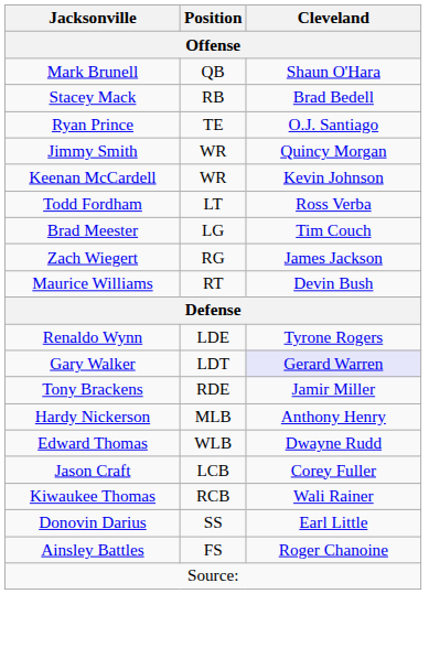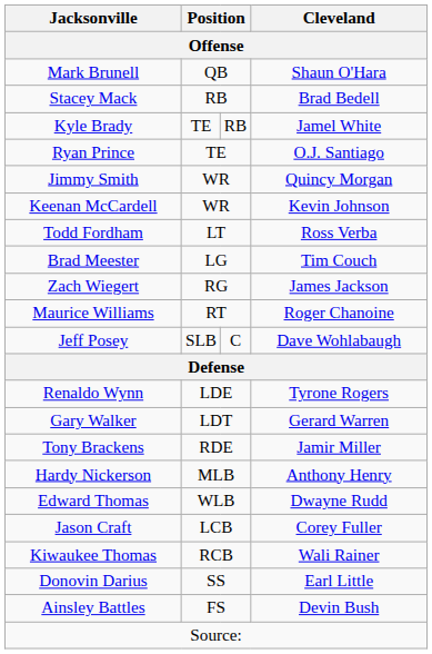 <table class="wikitable" style="text-align:center">
 <tr>
 <th style="width:160px">Jacksonville</th>
 <th colspan="2">Position</th>
 <th style="width:160px">Cleveland</th>
 </tr>
 <tr>
 <th colspan="4" style="text-align:center">Offense</th>
 </tr>
 <tr>
 <td><a href='#'>Mark Brunell</a></td>
 <td colspan="2" style="text-align:center">QB</td>
 <td><a href='#'>Shaun O'Hara</a></td>
 </tr>
 <tr>
 <td><a href='#'>Stacey Mack</a></td>
 <td colspan="2" style="text-align:center">RB</td>
 <td><a href='#'>Brad Bedell</a></td>
+</tr>
+<tr>
+<td><a href='#'>Kyle Brady</a></td>
+<td style="text-align:center">TE</td>
+<td style="text-align:center">RB</td>
+<td><a href='#'>Jamel White</a></td>
 </tr>
 <tr>
 <td><a href='#'>Ryan Prince</a></td>
 <td colspan="2" style="text-align:center">TE</td>
 <td><a href='#'>O.J. Santiago</a></td>
 </tr>
 <tr>
 <td><a href='#'>Jimmy Smith</a></td>
 <td colspan="2" style="text-align:center">WR</td>
 <td><a href='#'>Quincy Morgan</a></td>
 </tr>
 <tr>
 <td><a href='#'>Keenan McCardell</a></td>
 <td colspan="2" style="text-align:center">WR</td>
 <td><a href='#'>Kevin Johnson</a></td>
 </tr>
 <tr>
 <td><a href='#'>Todd Fordham</a></td>
 <td colspan="2" style="text-align:center">LT</td>
 <td><a href='#'>Ross Verba</a></td>
 </tr>
 <tr>
 <td><a href='#'>Brad Meester</a></td>
 <td colspan="2" style="text-align:center">LG</td>
 <td><a href='#'>Tim Couch</a></td>
 </tr>
 <tr>
 <td><a href='#'>Zach Wiegert</a></td>
 <td colspan="2" style="text-align:center">RG</td>
 <td><a href='#'>James Jackson</a></td>
 </tr>
 <tr>
 <td><a href='#'>Maurice Williams</a></td>
 <td colspan="2" style="text-align:center">RT</td>
-<td><a href='#'>Devin Bush</a></td>
+<td><a href='#'>Roger Chanoine</a></td>
+</tr>
+<tr>
+<td><a href='#'>Jeff Posey</a></td>
+<td style="text-align:center">SLB</td>
+<td style="text-align:center">C</td>
+<td><a href='#'>Dave Wohlabaugh</a></td>
 </tr>
 <tr>
 <th colspan="4" style="text-align:center">Defense</th>
 </tr>
 <tr>
 <td><a href='#'>Renaldo Wynn</a></td>
 <td colspan="2" style="text-align:center">LDE</td>
 <td><a href='#'>Tyrone Rogers</a></td>
 </tr>
 <tr>
 <td><a href='#'>Gary Walker</a></td>
 <td colspan="2" style="text-align:center">LDT</td>
-<td style="background: lavender;"><a href='#'>Gerard Warren</a></td>
+<td><a href='#'>Gerard Warren</a></td>
 </tr>
 <tr>
 <td><a href='#'>Tony Brackens</a></td>
 <td colspan="2" style="text-align:center">RDE</td>
 <td><a href='#'>Jamir Miller</a></td>
 </tr>
 <tr>
 <td><a href='#'>Hardy Nickerson</a></td>
 <td colspan="2" style="text-align:center">MLB</td>
 <td><a href='#'>Anthony Henry</a></td>
 </tr>
 <tr>
 <td><a href='#'>Edward Thomas</a></td>
 <td colspan="2" style="text-align:center">WLB</td>
 <td><a href='#'>Dwayne Rudd</a></td>
 </tr>
 <tr>
 <td><a href='#'>Jason Craft</a></td>
 <td colspan="2" style="text-align:center">LCB</td>
 <td><a href='#'>Corey Fuller</a></td>
 </tr>
 <tr>
 <td><a href='#'>Kiwaukee Thomas</a></td>
 <td colspan="2" style="text-align:center">RCB</td>
 <td><a href='#'>Wali Rainer</a></td>
 </tr>
 <tr>
 <td><a href='#'>Donovin Darius</a></td>
 <td colspan="2" style="text-align:center">SS</td>
 <td><a href='#'>Earl Little</a></td>
 </tr>
 <tr>
 <td><a href='#'>Ainsley Battles</a></td>
 <td colspan="2" style="text-align:center">FS</td>
-<td><a href='#'>Roger Chanoine</a></td>
+<td><a href='#'>Devin Bush</a></td>
 </tr>
 <tr>
 <td colspan="4">Source:</td>
 </tr>
 </table>
